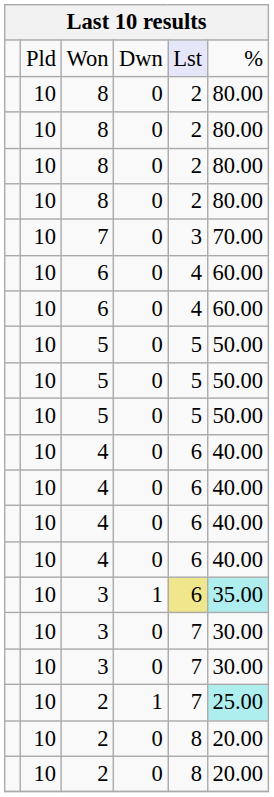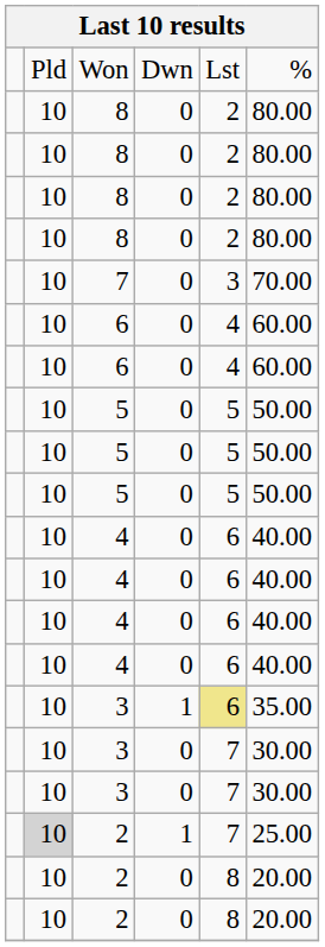 <table class="wikitable" style="text-align:right">
 <tr>
 <th colspan=7>Last 10 results</th>
 </tr>
 <tr>
 <td style="text-align:left"> </td>
 <td>Pld</td>
 <td>Won</td>
 <td>Dwn</td>
-<td style="background: lavender;">Lst</td>
+<td>Lst</td>
 <td>%</td>
 </tr>
 <tr>
 <td style="text-align:left"></td>
 <td>10</td>
 <td>8</td>
 <td>0</td>
 <td>2</td>
 <td>80.00</td>
 </tr>
 <tr>
 <td style="text-align:left"></td>
 <td>10</td>
 <td>8</td>
 <td>0</td>
 <td>2</td>
 <td>80.00</td>
 </tr>
 <tr>
 <td style="text-align:left"></td>
 <td>10</td>
 <td>8</td>
 <td>0</td>
 <td>2</td>
 <td>80.00</td>
 </tr>
 <tr>
 <td style="text-align:left"></td>
 <td>10</td>
 <td>8</td>
 <td>0</td>
 <td>2</td>
 <td>80.00</td>
 </tr>
 <tr>
 <td style="text-align:left"></td>
 <td>10</td>
 <td>7</td>
 <td>0</td>
 <td>3</td>
 <td>70.00</td>
 </tr>
 <tr>
 <td style="text-align:left"></td>
 <td>10</td>
 <td>6</td>
 <td>0</td>
 <td>4</td>
 <td>60.00</td>
 </tr>
 <tr>
 <td style="text-align:left"></td>
 <td>10</td>
 <td>6</td>
 <td>0</td>
 <td>4</td>
 <td>60.00</td>
 </tr>
 <tr>
 <td style="text-align:left"></td>
 <td>10</td>
 <td>5</td>
 <td>0</td>
 <td>5</td>
 <td>50.00</td>
 </tr>
 <tr>
 <td style="text-align:left"></td>
 <td>10</td>
 <td>5</td>
 <td>0</td>
 <td>5</td>
 <td>50.00</td>
 </tr>
 <tr>
 <td style="text-align:left"></td>
 <td>10</td>
 <td>5</td>
 <td>0</td>
 <td>5</td>
 <td>50.00</td>
 </tr>
 <tr>
 <td style="text-align:left"></td>
 <td>10</td>
 <td>4</td>
 <td>0</td>
 <td>6</td>
 <td>40.00</td>
 </tr>
 <tr>
 <td style="text-align:left"></td>
 <td>10</td>
 <td>4</td>
 <td>0</td>
 <td>6</td>
 <td>40.00</td>
 </tr>
 <tr>
 <td style="text-align:left"></td>
 <td>10</td>
 <td>4</td>
 <td>0</td>
 <td>6</td>
 <td>40.00</td>
 </tr>
 <tr>
 <td style="text-align:left"></td>
 <td>10</td>
 <td>4</td>
 <td>0</td>
 <td>6</td>
 <td>40.00</td>
 </tr>
 <tr>
 <td style="text-align:left"></td>
 <td>10</td>
 <td>3</td>
 <td>1</td>
 <td style="background: khaki;">6</td>
-<td style="background: paleturquoise;">35.00</td>
+<td>35.00</td>
 </tr>
 <tr>
 <td style="text-align:left"></td>
 <td>10</td>
 <td>3</td>
 <td>0</td>
 <td>7</td>
 <td>30.00</td>
 </tr>
 <tr>
 <td style="text-align:left"></td>
 <td>10</td>
 <td>3</td>
 <td>0</td>
 <td>7</td>
 <td>30.00</td>
 </tr>
 <tr>
 <td style="text-align:left"></td>
-<td>10</td>
+<td style="background: lightgrey;">10</td>
 <td>2</td>
 <td>1</td>
 <td>7</td>
-<td style="background: paleturquoise;">25.00</td>
+<td>25.00</td>
 </tr>
 <tr>
 <td style="text-align:left"></td>
 <td>10</td>
 <td>2</td>
 <td>0</td>
 <td>8</td>
 <td>20.00</td>
 </tr>
 <tr>
 <td style="text-align:left"></td>
 <td>10</td>
 <td>2</td>
 <td>0</td>
 <td>8</td>
 <td>20.00</td>
 </tr>
 <tr>
 </tr>
 </table>
